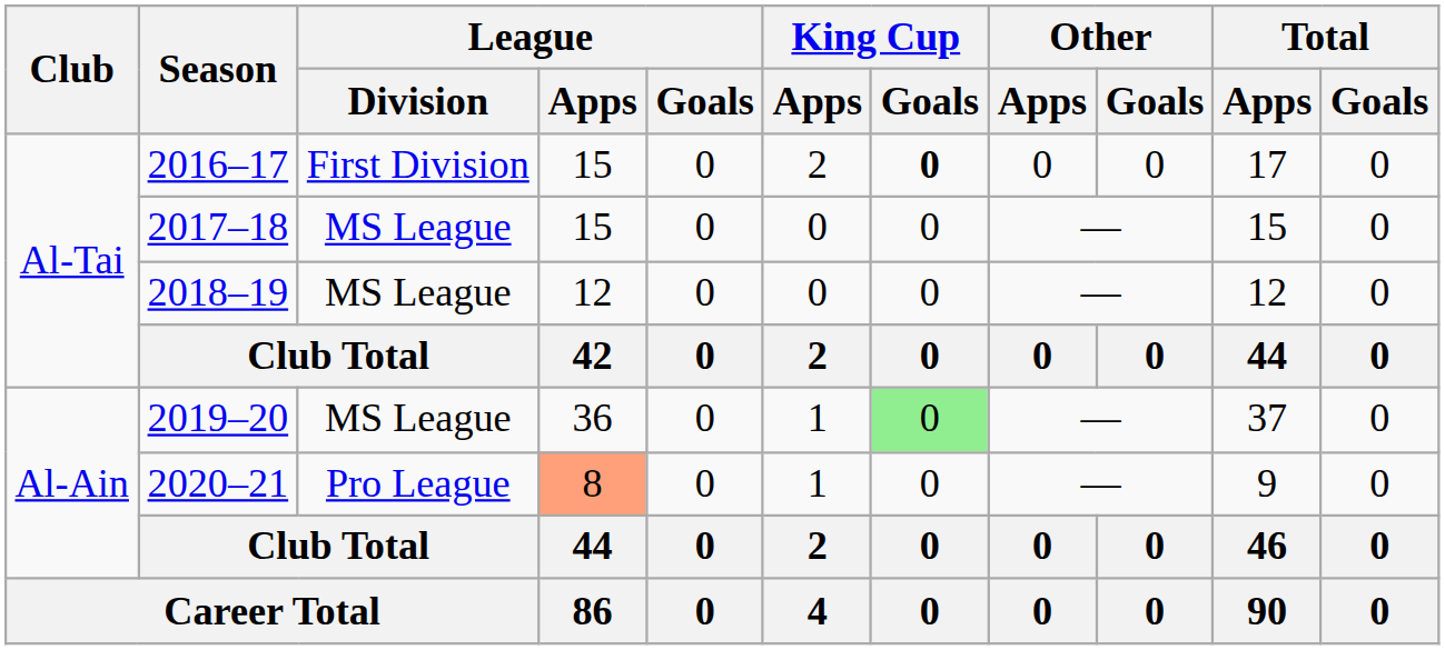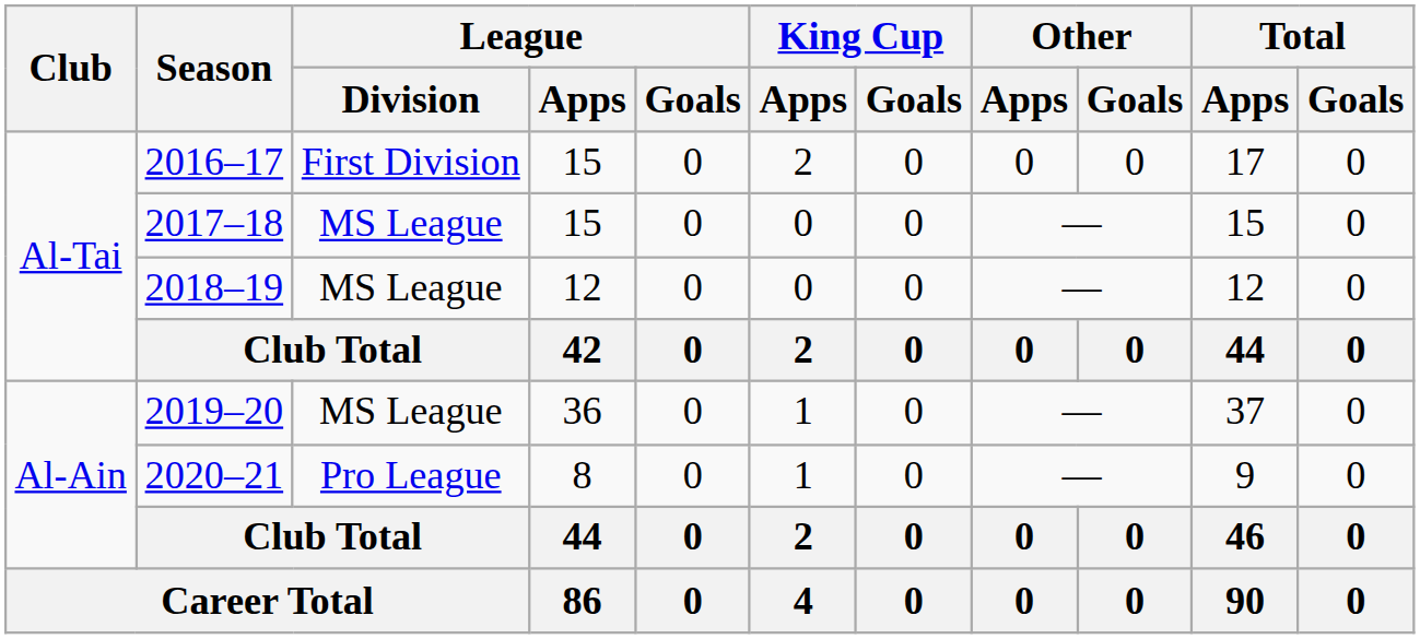 <table class="wikitable" style="text-align: center;">
 <tr>
 <th rowspan="2">Club</th>
 <th rowspan="2">Season</th>
 <th colspan="3">League</th>
 <th colspan="2"><a href='#'>King Cup</a></th>
 <th colspan="2">Other</th>
 <th colspan="2">Total</th>
 </tr>
 <tr>
 <th>Division</th>
 <th>Apps</th>
 <th>Goals</th>
 <th>Apps</th>
 <th>Goals</th>
 <th>Apps</th>
 <th>Goals</th>
 <th>Apps</th>
 <th>Goals</th>
 </tr>
 <tr>
 <td rowspan="4"><a href='#'>Al-Tai</a></td>
 <td><a href='#'>2016–17</a></td>
 <td><a href='#'>First Division</a></td>
 <td>15</td>
 <td>0</td>
 <td>2</td>
-<td><strong>0</strong></td>
+<td>0</td>
 <td>0</td>
 <td>0</td>
 <td>17</td>
 <td>0</td>
 </tr>
 <tr>
 <td><a href='#'>2017–18</a></td>
 <td><a href='#'>MS League</a></td>
 <td>15</td>
 <td>0</td>
 <td>0</td>
 <td>0</td>
 <td colspan=2>—</td>
 <td>15</td>
 <td>0</td>
 </tr>
 <tr>
 <td><a href='#'>2018–19</a></td>
 <td>MS League</td>
 <td>12</td>
 <td>0</td>
 <td>0</td>
 <td>0</td>
 <td colspan=2>—</td>
 <td>12</td>
 <td>0</td>
 </tr>
 <tr>
 <th colspan="2">Club Total</th>
 <th>42</th>
 <th>0</th>
 <th>2</th>
 <th>0</th>
 <th>0</th>
 <th>0</th>
 <th>44</th>
 <th>0</th>
 </tr>
 <tr>
 <td rowspan="3"><a href='#'>Al-Ain</a></td>
 <td><a href='#'>2019–20</a></td>
 <td>MS League</td>
 <td>36</td>
 <td>0</td>
 <td>1</td>
-<td style="background: lightgreen;">0</td>
+<td>0</td>
 <td colspan=2>—</td>
 <td>37</td>
 <td>0</td>
 </tr>
 <tr>
 <td><a href='#'>2020–21</a></td>
 <td><a href='#'>Pro League</a></td>
-<td style="background: lightsalmon;">8</td>
+<td>8</td>
 <td>0</td>
 <td>1</td>
 <td>0</td>
 <td colspan=2>—</td>
 <td>9</td>
 <td>0</td>
 </tr>
 <tr>
 <th colspan="2">Club Total</th>
 <th>44</th>
 <th>0</th>
 <th>2</th>
 <th>0</th>
 <th>0</th>
 <th>0</th>
 <th>46</th>
 <th>0</th>
 </tr>
 <tr>
 <th colspan="3">Career Total</th>
 <th>86</th>
 <th>0</th>
 <th>4</th>
 <th>0</th>
 <th>0</th>
 <th>0</th>
 <th>90</th>
 <th>0</th>
 </tr>
 </table>
